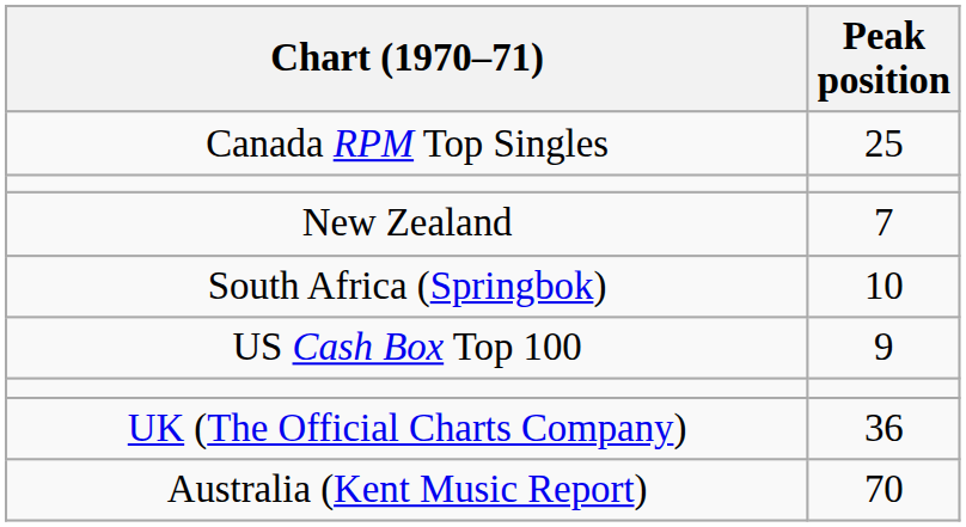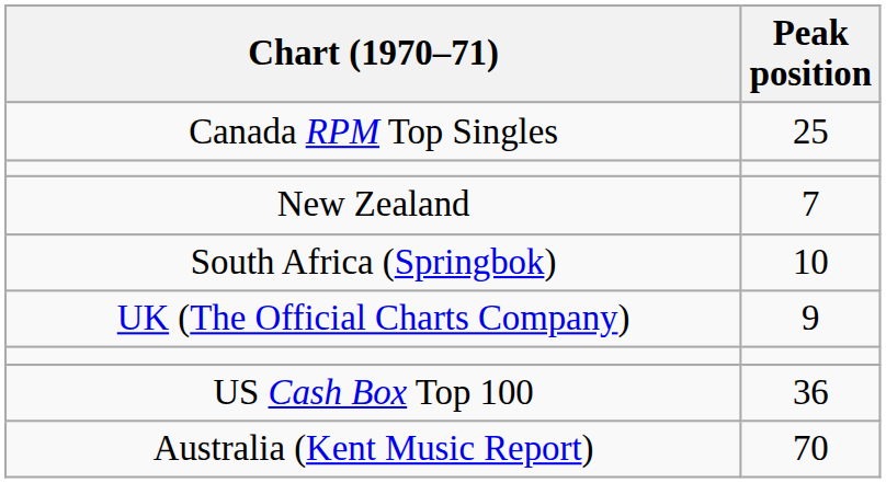 <table class="wikitable sortable" style="text-align:center;">
 <tr>
 <th style="width:20em;">Chart (1970–71)</th>
 <th>Peak<br>position</th>
 </tr>
 <tr>
 <td>Canada <em><a href='#'>RPM</a></em> Top Singles</td>
 <td style="text-align:center;">25</td>
 </tr>
 <tr>
 <td></td>
 </tr>
 <tr>
 <td>New Zealand</td>
 <td style="text-align:center;">7</td>
 </tr>
 <tr>
 <td>South Africa (<a href='#'>Springbok</a>)</td>
 <td align="center">10</td>
 </tr>
 <tr>
-<td>US <em><a href='#'>Cash Box</a></em> Top 100 </td>
+<td><a href='#'>UK</a> (<a href='#'>The Official Charts Company</a>)</td>
 <td style="text-align:center;">9</td>
 </tr>
 <tr>
 <td></td>
 </tr>
 <tr>
-<td><a href='#'>UK</a> (<a href='#'>The Official Charts Company</a>)</td>
+<td>US <em><a href='#'>Cash Box</a></em> Top 100 </td>
 <td style="text-align:center;">36</td>
 </tr>
 <tr>
 <td>Australia (<a href='#'>Kent Music Report</a>)</td>
 <td>70</td>
 </tr>
 </table>
